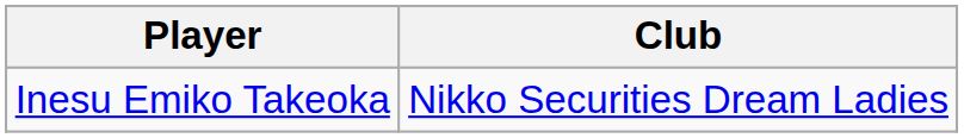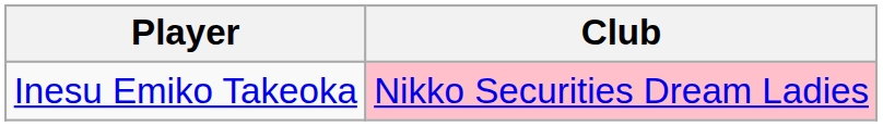 <table class="wikitable">
 <tr>
 <th>Player</th>
 <th>Club</th>
 </tr>
 <tr>
 <td> <a href='#'>Inesu Emiko Takeoka</a></td>
-<td><a href='#'>Nikko Securities Dream Ladies</a></td>
+<td style="background: pink;"><a href='#'>Nikko Securities Dream Ladies</a></td>
 </tr>
 </table>
